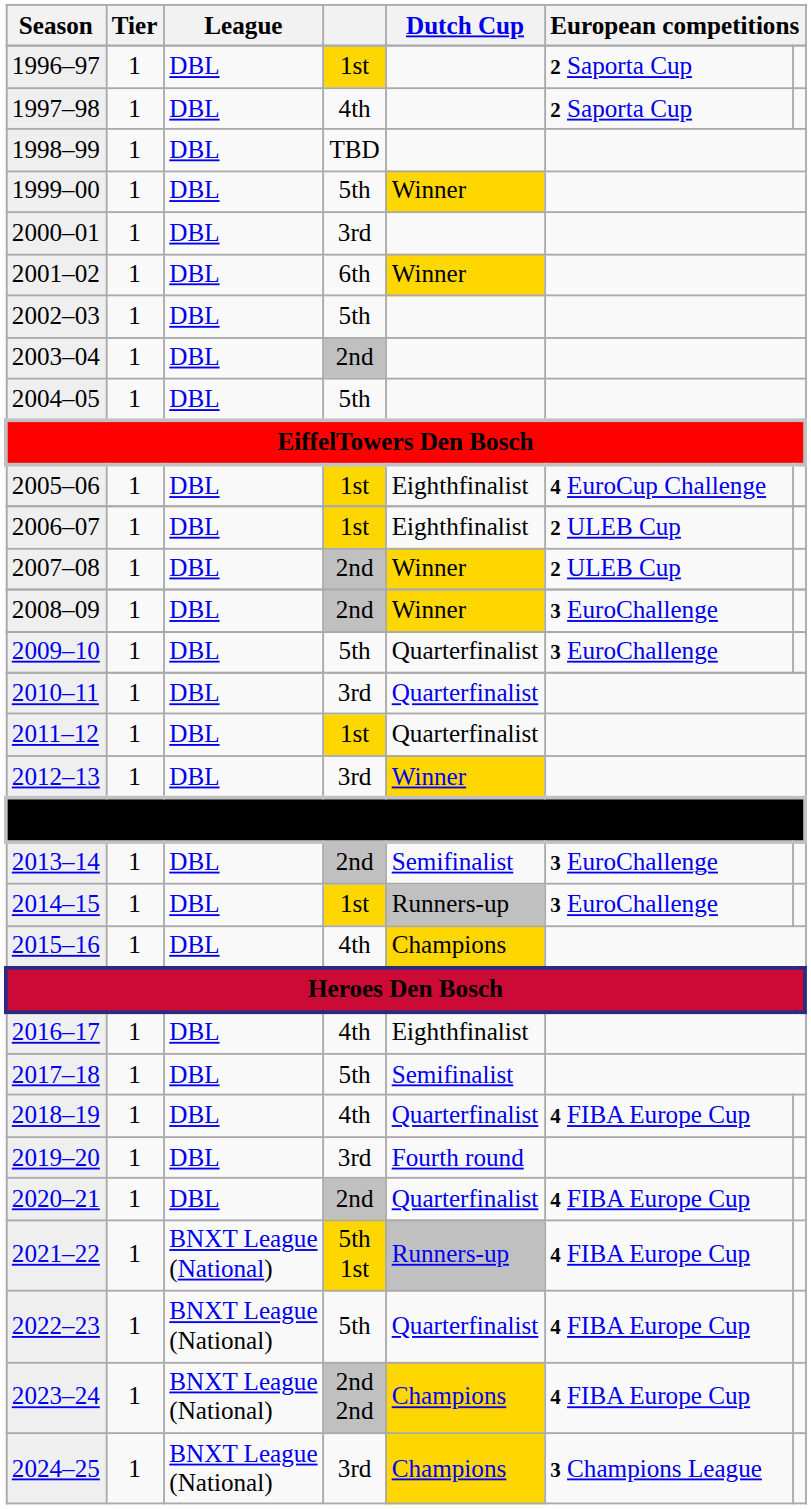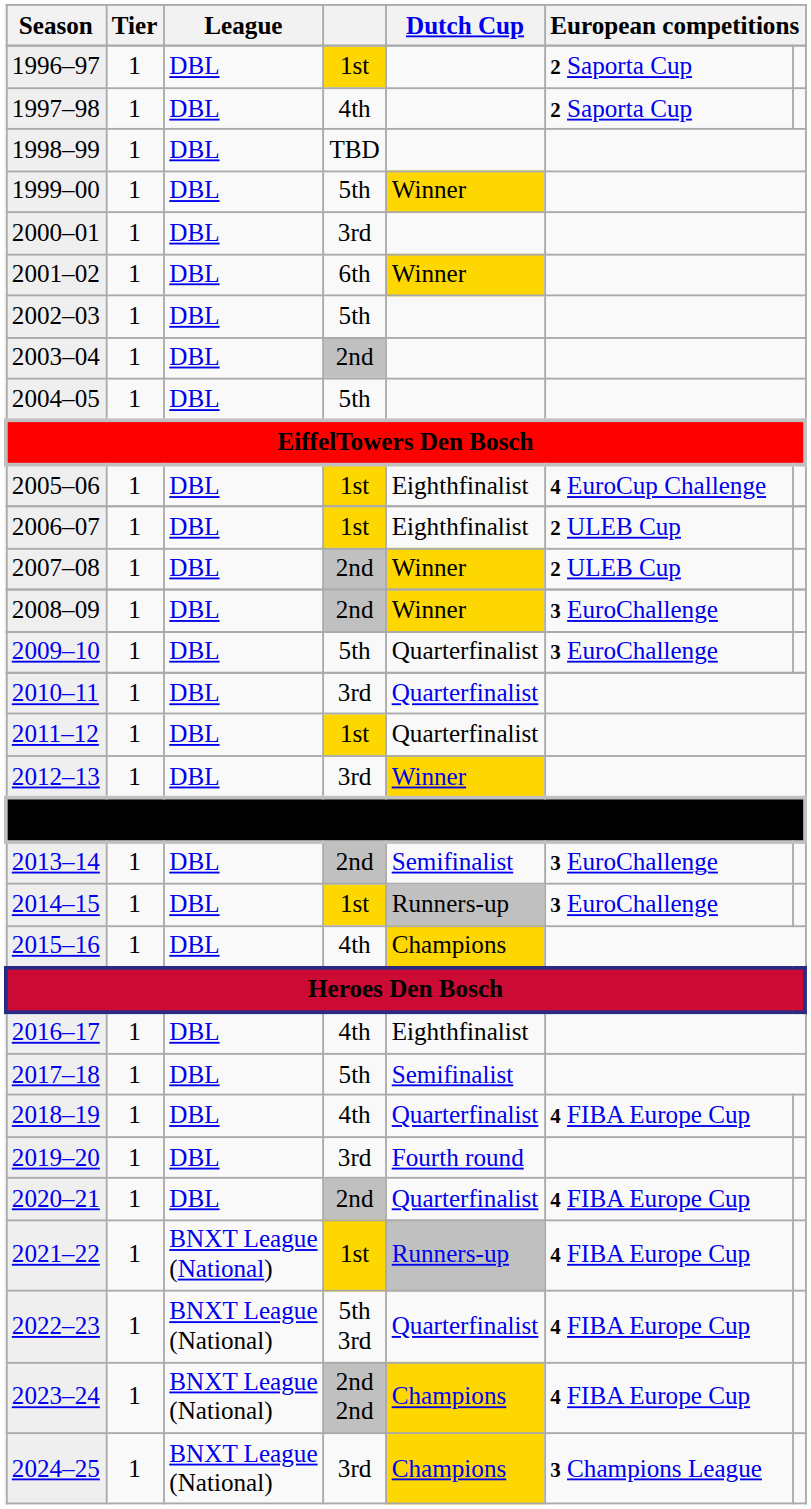 <table class="wikitable" style="font-size:85%">
 <tr bgcolor=>
 <th>Season</th>
 <th>Tier</th>
 <th>League</th>
 <th></th>
 <th><a href='#'>Dutch Cup</a></th>
 <th colspan=2>European competitions</th>
 </tr>
 <tr>
 </tr>
 <tr>
 <td style="background:#efefef;">1996–97</td>
 <td align=center>1</td>
 <td><a href='#'>DBL</a></td>
 <td style="background:gold" align="center">1st</td>
 <td style="background:"></td>
 <td style="background:"><small><strong>2</strong></small> <a href='#'>Saporta Cup</a></td>
 <td align=center></td>
 </tr>
 <tr>
 <td style="background:#efefef;">1997–98</td>
 <td align=center>1</td>
 <td><a href='#'>DBL</a></td>
 <td align="center">4th</td>
 <td style="background:"></td>
 <td><small><strong>2</strong></small> <a href='#'>Saporta Cup</a></td>
 <td align=center></td>
 </tr>
 <tr>
 <td style="background:#efefef;">1998–99</td>
 <td align=center>1</td>
 <td><a href='#'>DBL</a></td>
 <td align=center>TBD <br></td>
 <td style="background:"></td>
 <td colspan=2></td>
 </tr>
 <tr>
 <td style="background:#efefef;">1999–00</td>
 <td align=center>1</td>
 <td><a href='#'>DBL</a></td>
 <td align="center">5th</td>
 <td style="background:gold">Winner</td>
 <td colspan=2></td>
 </tr>
 <tr>
 <td style="background:#efefef;">2000–01</td>
 <td align=center>1</td>
 <td><a href='#'>DBL</a></td>
 <td style="background: " align="center">3rd</td>
 <td style="background:"></td>
 <td colspan=2></td>
 </tr>
 <tr>
 <td style="background:#efefef;">2001–02</td>
 <td align=center>1</td>
 <td><a href='#'>DBL</a></td>
 <td align="center">6th</td>
 <td style="background:gold">Winner</td>
 <td colspan=2></td>
 </tr>
 <tr>
 <td style="background:#efefef;">2002–03</td>
 <td align=center>1</td>
 <td><a href='#'>DBL</a></td>
 <td align="center">5th</td>
 <td style="background:"></td>
 <td colspan=2></td>
 </tr>
 <tr>
 <td style="background:#efefef;">2003–04</td>
 <td align=center>1</td>
 <td><a href='#'>DBL</a></td>
 <td style="background:silver" align=center>2nd</td>
 <td style="background:"></td>
 <td colspan=2></td>
 </tr>
 <tr>
 <td style="background:#efefef;">2004–05</td>
 <td align=center>1</td>
 <td><a href='#'>DBL</a></td>
 <td align="center">5th</td>
 <td style="background:"></td>
 <td colspan=2></td>
 </tr>
 <tr>
 <td colspan="7" class="unsortable" align="center" style="border:2px solid silver; background-color:red"><span><strong>EiffelTowers Den Bosch</strong></span></td>
 </tr>
 <tr>
 <td style="background:#efefef;">2005–06</td>
 <td align=center>1</td>
 <td><a href='#'>DBL</a></td>
 <td style="background:gold" align="center">1st</td>
 <td>Eighthfinalist</td>
 <td><small><strong>4</strong></small> <a href='#'>EuroCup Challenge</a></td>
 <td align=center></td>
 </tr>
 <tr>
 </tr>
 <tr>
 <td style="background:#efefef;">2006–07</td>
 <td align=center>1</td>
 <td><a href='#'>DBL</a></td>
 <td style="background:gold" align="center">1st</td>
 <td style="background:">Eighthfinalist</td>
 <td><small><strong>2</strong></small> <a href='#'>ULEB Cup</a></td>
 <td align=center></td>
 </tr>
 <tr>
 <td style="background:#efefef;">2007–08</td>
 <td align=center>1</td>
 <td><a href='#'>DBL</a></td>
 <td style="background:silver" align="center">2nd</td>
 <td style="background:gold">Winner</td>
 <td><small><strong>2</strong></small> <a href='#'>ULEB Cup</a></td>
 <td align=center></td>
 </tr>
 <tr>
 </tr>
 <tr>
 <td style="background:#efefef;">2008–09</td>
 <td align=center>1</td>
 <td><a href='#'>DBL</a></td>
 <td style="background:silver" align="center">2nd</td>
 <td style="background:gold">Winner</td>
 <td><small><strong>3</strong></small> <a href='#'>EuroChallenge</a></td>
 <td align=center></td>
 </tr>
 <tr>
 </tr>
 <tr>
 <td style="background:#efefef;"><a href='#'>2009–10</a></td>
 <td align=center>1</td>
 <td><a href='#'>DBL</a></td>
 <td align=center>5th</td>
 <td>Quarterfinalist</td>
 <td><small><strong>3</strong></small> <a href='#'>EuroChallenge</a></td>
 <td align=center></td>
 </tr>
 <tr>
 </tr>
 <tr>
 <td style="background:#efefef;"><a href='#'>2010–11</a></td>
 <td align=center>1</td>
 <td><a href='#'>DBL</a></td>
 <td align=center>3rd</td>
 <td><a href='#'>Quarterfinalist</a></td>
 <td colspan=2></td>
 </tr>
 <tr>
 <td style="background:#efefef;"><a href='#'>2011–12</a></td>
 <td align=center>1</td>
 <td><a href='#'>DBL</a></td>
 <td style="background:gold" align=center>1st</td>
 <td>Quarterfinalist</td>
 <td colspan=2></td>
 </tr>
 <tr>
 <td style="background:#efefef;"><a href='#'>2012–13</a></td>
 <td align=center>1</td>
 <td><a href='#'>DBL</a></td>
 <td align="center">3rd</td>
 <td style="background:gold"><a href='#'>Winner</a></td>
 <td colspan=2></td>
 </tr>
 <tr>
 <td colspan="7" class="unsortable" align="center" style="border:2px solid silver; background-color:black"><span><strong>SPM Shoeters</strong></span></td>
 </tr>
 <tr>
 <td style="background:#efefef;"><a href='#'>2013–14</a></td>
 <td align=center>1</td>
 <td><a href='#'>DBL</a></td>
 <td align="center" style="background:silver">2nd</td>
 <td><a href='#'>Semifinalist</a></td>
 <td><small><strong>3</strong></small> <a href='#'>EuroChallenge</a></td>
 <td align=center></td>
 </tr>
 <tr>
 <td style="background:#efefef;"><a href='#'>2014–15</a></td>
 <td align=center>1</td>
 <td><a href='#'>DBL</a></td>
 <td bgcolor=gold align=center>1st</td>
 <td bgcolor=silver>Runners-up</td>
 <td><small><strong>3</strong></small> <a href='#'>EuroChallenge</a></td>
 <td align=center></td>
 </tr>
 <tr>
 <td style="background:#efefef;"><a href='#'>2015–16</a></td>
 <td align=center>1</td>
 <td><a href='#'>DBL</a></td>
 <td align=center>4th</td>
 <td bgcolor=gold>Champions</td>
 <td colspan=2></td>
 </tr>
 <tr>
 <td colspan="7" class="unsortable" align="center" style="border:2px solid #292B83; background-color:#CB0A35"><span><strong>Heroes Den Bosch</strong></span></td>
 </tr>
 <tr>
 <td style="background:#efefef;"><a href='#'>2016–17</a></td>
 <td align=center>1</td>
 <td><a href='#'>DBL</a></td>
 <td align=center>4th</td>
 <td>Eighthfinalist</td>
 <td colspan=2></td>
 </tr>
 <tr>
 <td style="background:#efefef;"><a href='#'>2017–18</a></td>
 <td align=center>1</td>
 <td><a href='#'>DBL</a></td>
 <td align=center>5th</td>
 <td><a href='#'>Semifinalist</a></td>
 <td colspan=2></td>
 </tr>
 <tr>
 <td style="background:#efefef;"><a href='#'>2018–19</a></td>
 <td align=center>1</td>
 <td><a href='#'>DBL</a></td>
 <td align=center>4th</td>
 <td><a href='#'>Quarterfinalist</a></td>
 <td><small><strong>4</strong></small> <a href='#'>FIBA Europe Cup</a></td>
 <td align=center></td>
 </tr>
 <tr>
 <td style="background:#efefef;"><a href='#'>2019–20</a></td>
 <td align=center>1</td>
 <td><a href='#'>DBL</a></td>
 <td align=center>3rd</td>
 <td><a href='#'>Fourth round</a></td>
 <td></td>
 <td></td>
 </tr>
 <tr>
 <td style="background:#efefef;"><a href='#'>2020–21</a></td>
 <td align=center>1</td>
 <td><a href='#'>DBL</a></td>
 <td align=center bgcolor=silver>2nd</td>
 <td><a href='#'>Quarterfinalist</a></td>
 <td><small><strong>4</strong></small> <a href='#'>FIBA Europe Cup</a></td>
 <td style="text-align:center;"></td>
 </tr>
 <tr>
 <td style="background:#efefef;"><a href='#'>2021–22</a></td>
 <td align=center>1</td>
 <td><a href='#'>BNXT League</a> <br>(<a href='#'>National</a>)</td>
-<td align=center bgcolor=gold>5th <br> 1st</td>
+<td bgcolor=gold align=center>1st</td>
 <td bgcolor=silver><a href='#'>Runners-up</a></td>
 <td><small><strong>4</strong></small> <a href='#'>FIBA Europe Cup</a></td>
 <td></td>
 </tr>
 <tr>
 <td style="background:#efefef;"><a href='#'>2022–23</a></td>
 <td align=center>1</td>
 <td><a href='#'>BNXT League</a> <br>(National)</td>
-<td align="center">5th</td>
+<td align=center>5th <br> 3rd</td>
 <td><a href='#'>Quarterfinalist</a></td>
 <td><small><strong>4</strong></small> <a href='#'>FIBA Europe Cup</a></td>
 <td></td>
 </tr>
 <tr>
 <td style="background:#efefef;"><a href='#'>2023–24</a></td>
 <td align=center>1</td>
 <td><a href='#'>BNXT League</a> <br>(National)</td>
 <td bgcolor=silver align=center>2nd <br> 2nd</td>
 <td bgcolor=gold><a href='#'>Champions</a></td>
 <td><small><strong>4</strong></small> <a href='#'>FIBA Europe Cup</a></td>
 <td></td>
 </tr>
 <tr>
 <td style="background:#efefef;"><a href='#'>2024–25</a></td>
 <td align=center>1</td>
 <td><a href='#'>BNXT League</a> <br>(National)</td>
 <td align=center>3rd</td>
 <td bgcolor=gold><a href='#'>Champions</a></td>
 <td><small><strong>3</strong></small> <a href='#'>Champions League</a></td>
 <td></td>
 </tr>
 </table>
